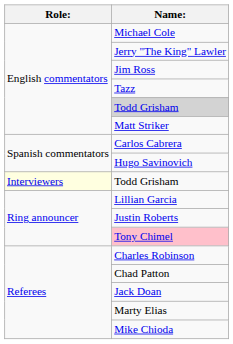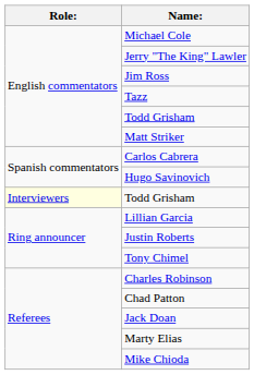 <table class=wikitable style="font-size:90%; margin: 0.5em 0 0.5em 1em; float: right; clear: right;">
 <tr>
 <th>Role:</th>
 <th>Name:</th>
 </tr>
 <tr>
 <td rowspan=6>English <a href='#'>commentators</a></td>
 <td><a href='#'>Michael Cole</a> </td>
 </tr>
 <tr>
 <td><a href='#'>Jerry "The King" Lawler</a> </td>
 </tr>
 <tr>
 <td><a href='#'>Jim Ross</a> </td>
 </tr>
 <tr>
 <td><a href='#'>Tazz</a> </td>
 </tr>
 <tr>
-<td style="background: lightgrey;"><a href='#'>Todd Grisham</a> </td>
+<td><a href='#'>Todd Grisham</a> </td>
 </tr>
 <tr>
 <td><a href='#'>Matt Striker</a> </td>
 </tr>
 <tr>
 <td rowspan=2>Spanish commentators</td>
 <td><a href='#'>Carlos Cabrera</a></td>
 </tr>
 <tr>
 <td><a href='#'>Hugo Savinovich</a></td>
 </tr>
 <tr>
 <td style="background: lightyellow;"><a href='#'>Interviewers</a></td>
 <td>Todd Grisham</td>
 </tr>
 <tr>
 <td rowspan=3><a href='#'>Ring announcer</a></td>
 <td><a href='#'>Lillian Garcia</a> </td>
 </tr>
 <tr>
 <td><a href='#'>Justin Roberts</a> </td>
 </tr>
 <tr>
-<td style="background: pink;"><a href='#'>Tony Chimel</a> </td>
+<td><a href='#'>Tony Chimel</a> </td>
 </tr>
 <tr>
 <td rowspan=5><a href='#'>Referees</a></td>
 <td><a href='#'>Charles Robinson</a></td>
 </tr>
 <tr>
 <td>Chad Patton</td>
 </tr>
 <tr>
 <td><a href='#'>Jack Doan</a></td>
 </tr>
 <tr>
 <td>Marty Elias</td>
 </tr>
 <tr>
 <td><a href='#'>Mike Chioda</a></td>
 </tr>
 </table>
